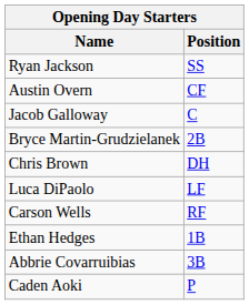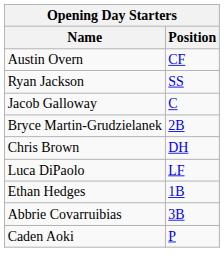 <table class="wikitable">
 <tr>
 <th colspan="2">Opening Day Starters</th>
 </tr>
 <tr>
 <th>Name</th>
 <th>Position</th>
 </tr>
 <tr>
+<td>Austin Overn</td>
+<td><a href='#'>CF</a></td>
+</tr>
+<tr>
 <td>Ryan Jackson</td>
 <td><a href='#'>SS</a></td>
-</tr>
-<tr>
-<td>Austin Overn</td>
-<td><a href='#'>CF</a></td>
 </tr>
 <tr>
 <td>Jacob Galloway</td>
 <td><a href='#'>C</a></td>
 </tr>
 <tr>
 <td>Bryce Martin-Grudzielanek</td>
 <td><a href='#'>2B</a></td>
 </tr>
 <tr>
 <td>Chris Brown</td>
 <td><a href='#'>DH</a></td>
 </tr>
 <tr>
 <td>Luca DiPaolo</td>
 <td><a href='#'>LF</a></td>
 </tr>
 <tr>
-<td>Carson Wells</td>
-<td><a href='#'>RF</a></td>
-</tr>
-<tr>
 <td>Ethan Hedges</td>
 <td><a href='#'>1B</a></td>
 </tr>
 <tr>
 <td>Abbrie Covarruibias</td>
 <td><a href='#'>3B</a></td>
 </tr>
 <tr>
 <td>Caden Aoki</td>
 <td><a href='#'>P</a></td>
 </tr>
 </table>
